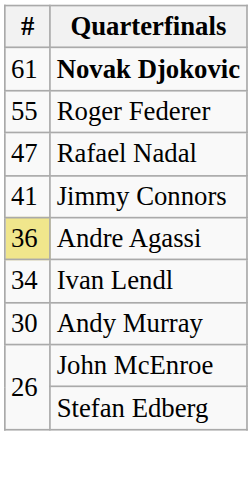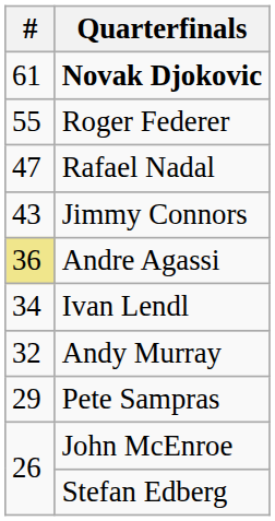 <table class="wikitable" style="display:inline-table;">
 <tr>
 <th width=20>#</th>
 <th>Quarterfinals</th>
 </tr>
 <tr>
 <td>61</td>
 <td> <strong>Novak Djokovic</strong></td>
 </tr>
 <tr>
 <td>55</td>
 <td> Roger Federer</td>
 </tr>
 <tr>
 <td>47</td>
 <td> Rafael Nadal</td>
 </tr>
 <tr>
-<td>41</td>
+<td>43</td>
 <td> Jimmy Connors</td>
 </tr>
 <tr>
 <td style="background: khaki;">36</td>
 <td> Andre Agassi</td>
 </tr>
 <tr>
 <td>34</td>
 <td> Ivan Lendl</td>
 </tr>
 <tr>
-<td>30</td>
+<td>32</td>
 <td> Andy Murray</td>
+</tr>
+<tr>
+<td>29</td>
+<td> Pete Sampras</td>
 </tr>
 <tr>
 <td rowspan="2">26</td>
 <td> John McEnroe</td>
 </tr>
 <tr>
 <td> Stefan Edberg</td>
 </tr>
 </table>
